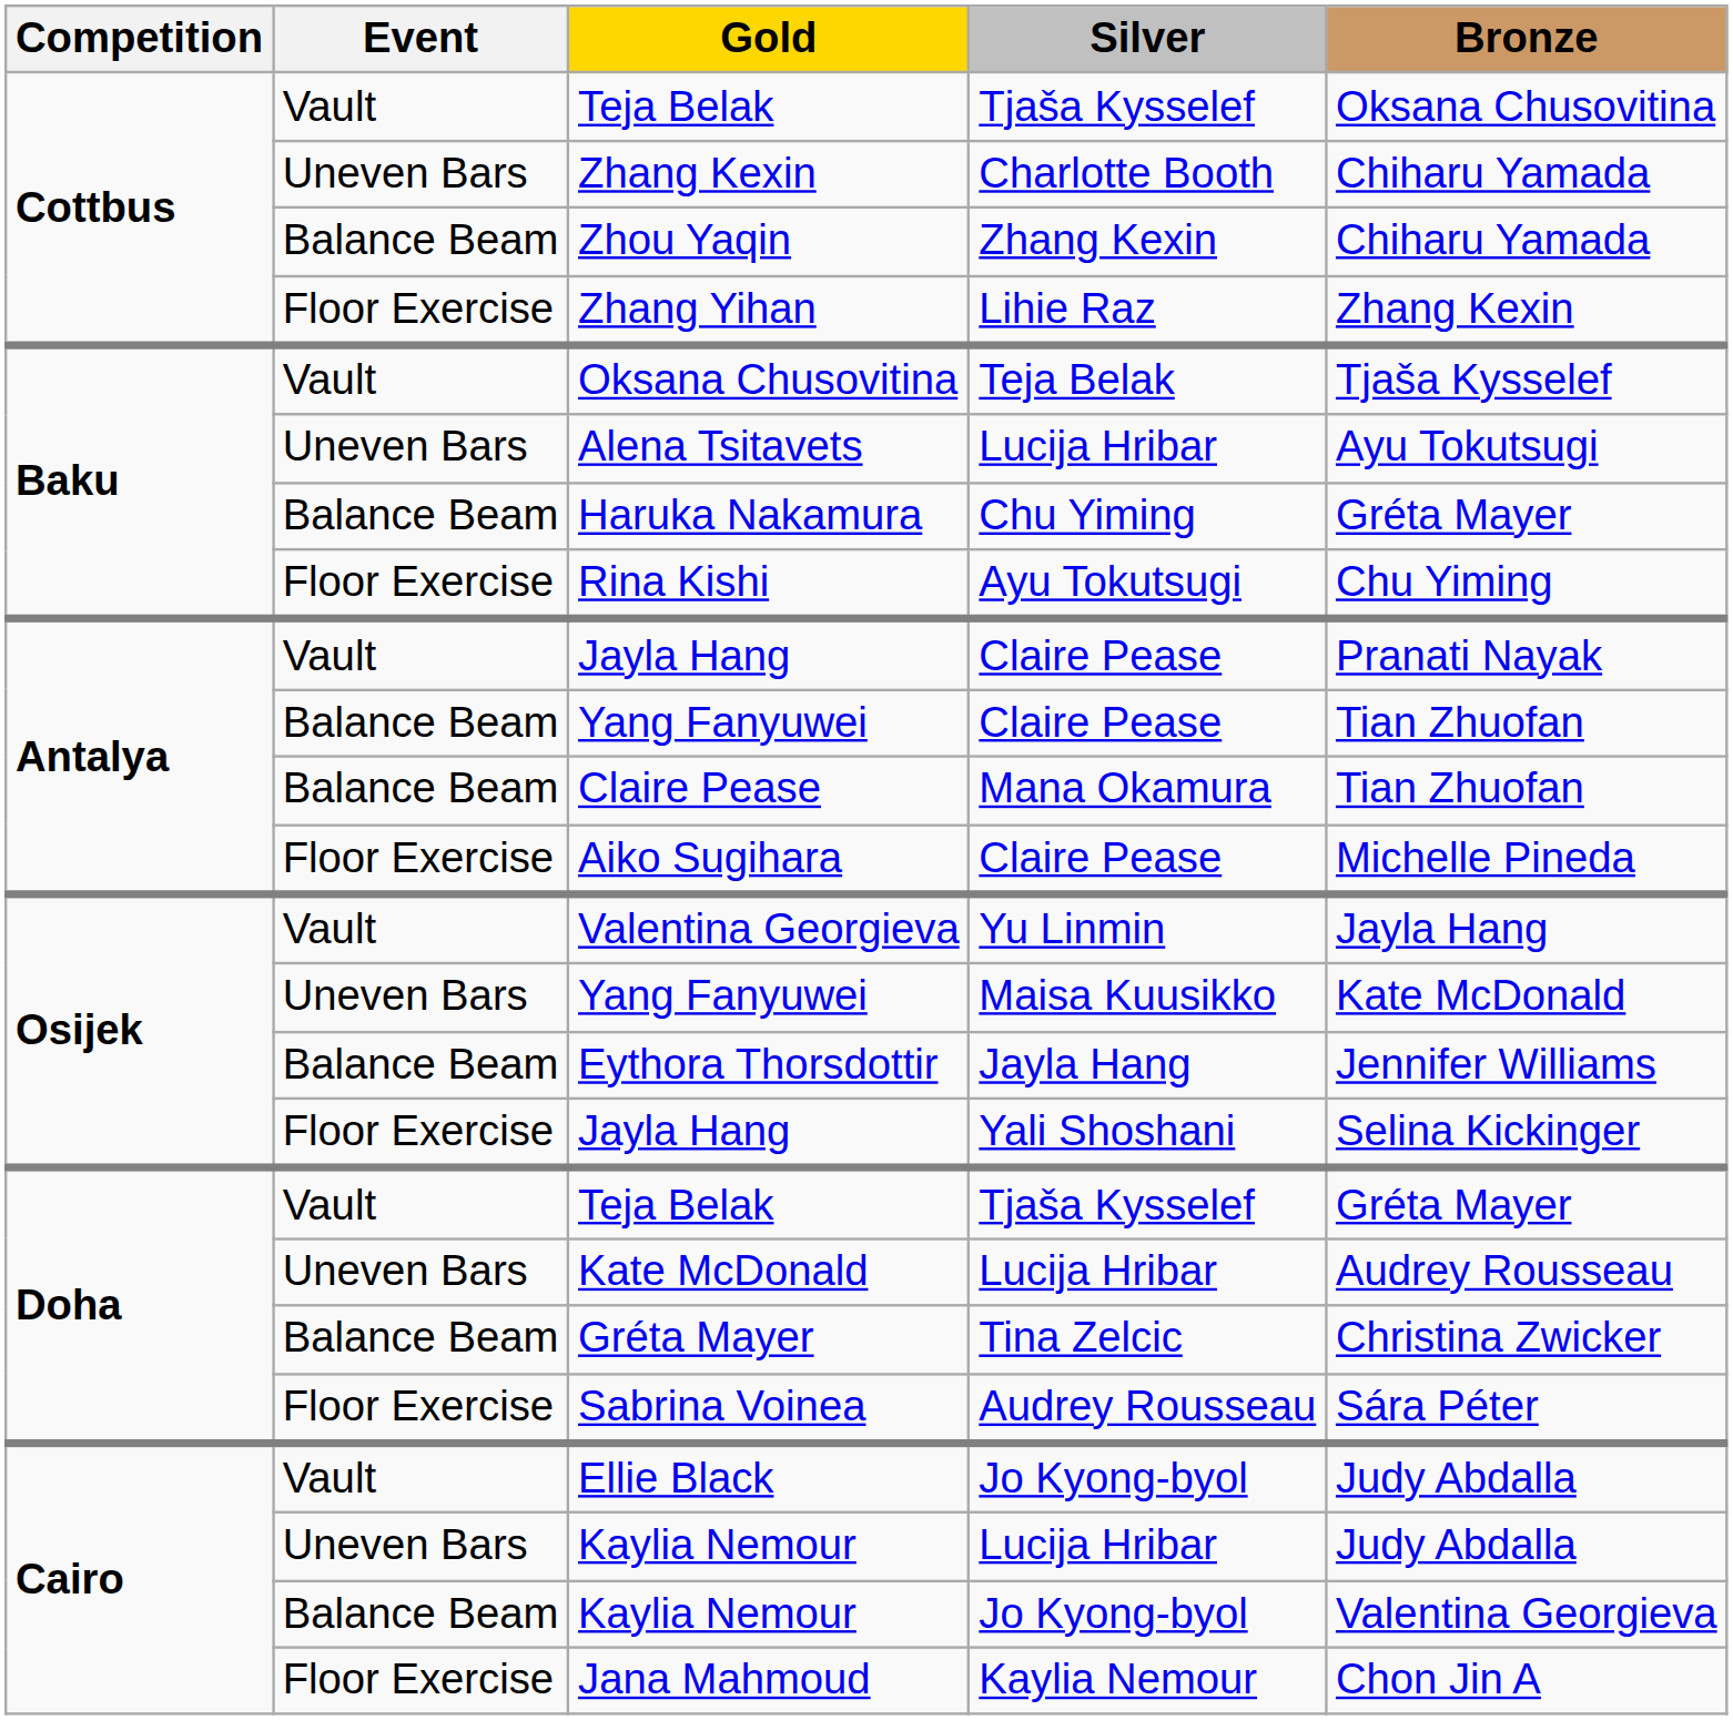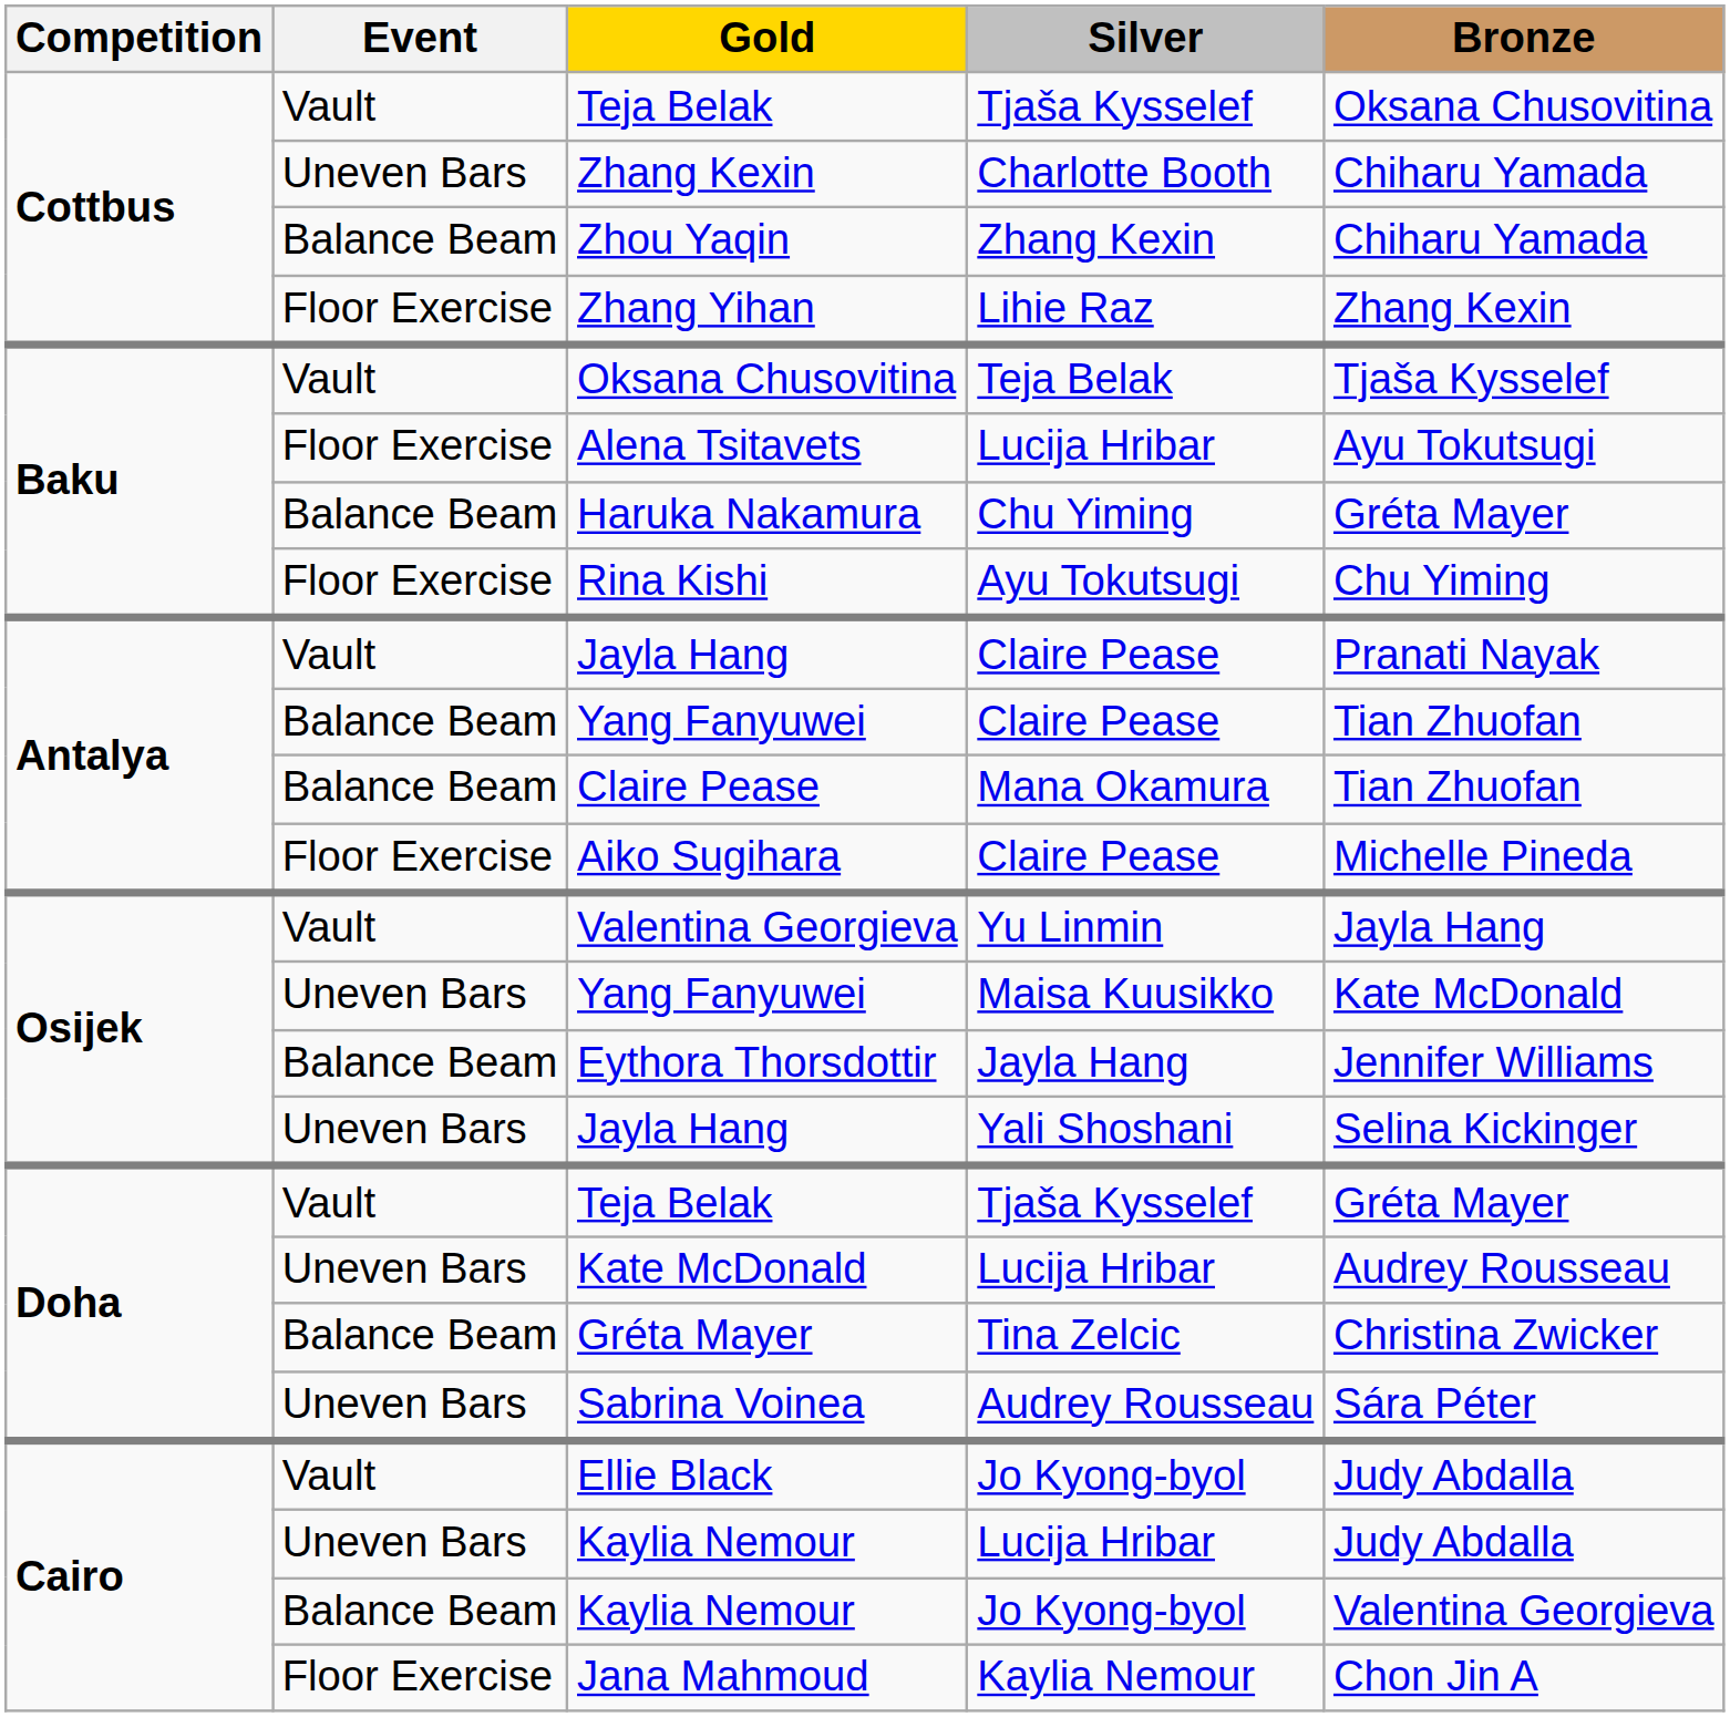 <table class="wikitable">
 <tr>
 <th style="text-align:center;">Competition</th>
 <th style="text-align:center;">Event</th>
 <td style="text-align:center; background:gold;"><strong>Gold</strong></td>
 <td style="text-align:center; background:silver;"><strong>Silver</strong></td>
 <td style="text-align:center; background:#c96;"><strong>Bronze</strong></td>
 </tr>
 <tr>
 <td rowspan=4><strong>Cottbus</strong></td>
 <td>Vault</td>
 <td> <a href='#'>Teja Belak</a></td>
 <td> <a href='#'>Tjaša Kysselef</a></td>
 <td> <a href='#'>Oksana Chusovitina</a></td>
 </tr>
 <tr>
 <td>Uneven Bars</td>
 <td> <a href='#'>Zhang Kexin</a></td>
 <td> <a href='#'>Charlotte Booth</a></td>
 <td> <a href='#'>Chiharu Yamada</a></td>
 </tr>
 <tr>
 <td>Balance Beam</td>
 <td> <a href='#'>Zhou Yaqin</a></td>
 <td> <a href='#'>Zhang Kexin</a></td>
 <td> <a href='#'>Chiharu Yamada</a></td>
 </tr>
 <tr>
 <td>Floor Exercise</td>
 <td> <a href='#'>Zhang Yihan</a></td>
 <td> <a href='#'>Lihie Raz</a></td>
 <td> <a href='#'>Zhang Kexin</a></td>
 </tr>
 <tr style="border-top: 3px solid grey;">
 <td rowspan=4><strong>Baku</strong></td>
 <td>Vault</td>
 <td> <a href='#'>Oksana Chusovitina</a></td>
 <td> <a href='#'>Teja Belak</a></td>
 <td> <a href='#'>Tjaša Kysselef</a></td>
 </tr>
 <tr>
-<td>Uneven Bars</td>
+<td>Floor Exercise</td>
 <td> <a href='#'>Alena Tsitavets</a></td>
 <td> <a href='#'>Lucija Hribar</a></td>
 <td> <a href='#'>Ayu Tokutsugi</a></td>
 </tr>
 <tr>
 <td>Balance Beam</td>
 <td> <a href='#'>Haruka Nakamura</a></td>
 <td> <a href='#'>Chu Yiming</a></td>
 <td> <a href='#'>Gréta Mayer</a></td>
 </tr>
 <tr>
 <td>Floor Exercise</td>
 <td> <a href='#'>Rina Kishi</a></td>
 <td> <a href='#'>Ayu Tokutsugi</a></td>
 <td> <a href='#'>Chu Yiming</a></td>
 </tr>
 <tr style="border-top: 3px solid grey;">
 <td rowspan=4><strong>Antalya</strong></td>
 <td>Vault</td>
 <td> <a href='#'>Jayla Hang</a></td>
 <td> <a href='#'>Claire Pease</a></td>
 <td> <a href='#'>Pranati Nayak</a></td>
 </tr>
 <tr>
 <td>Balance Beam</td>
 <td> <a href='#'>Yang Fanyuwei</a></td>
 <td> <a href='#'>Claire Pease</a></td>
 <td> <a href='#'>Tian Zhuofan</a></td>
 </tr>
 <tr>
 <td>Balance Beam</td>
 <td> <a href='#'>Claire Pease</a></td>
 <td> <a href='#'>Mana Okamura</a></td>
 <td> <a href='#'>Tian Zhuofan</a></td>
 </tr>
 <tr>
 <td>Floor Exercise</td>
 <td> <a href='#'>Aiko Sugihara</a></td>
 <td> <a href='#'>Claire Pease</a></td>
 <td> <a href='#'>Michelle Pineda</a></td>
 </tr>
 <tr style="border-top: 3px solid grey;">
 <td rowspan=4><strong>Osijek</strong></td>
 <td>Vault</td>
 <td> <a href='#'>Valentina Georgieva</a></td>
 <td> <a href='#'>Yu Linmin</a></td>
 <td> <a href='#'>Jayla Hang</a></td>
 </tr>
 <tr>
 <td>Uneven Bars</td>
 <td> <a href='#'>Yang Fanyuwei</a></td>
 <td> <a href='#'>Maisa Kuusikko</a></td>
 <td> <a href='#'>Kate McDonald</a></td>
 </tr>
 <tr>
 <td>Balance Beam</td>
 <td> <a href='#'>Eythora Thorsdottir</a></td>
 <td> <a href='#'>Jayla Hang</a></td>
 <td> <a href='#'>Jennifer Williams</a></td>
 </tr>
 <tr>
-<td>Floor Exercise</td>
+<td>Uneven Bars</td>
 <td> <a href='#'>Jayla Hang</a></td>
 <td> <a href='#'>Yali Shoshani</a></td>
 <td> <a href='#'>Selina Kickinger</a></td>
 </tr>
 <tr style="border-top: 3px solid grey;">
 <td rowspan=4><strong>Doha</strong></td>
 <td>Vault</td>
 <td> <a href='#'>Teja Belak</a></td>
 <td> <a href='#'>Tjaša Kysselef</a></td>
 <td> <a href='#'>Gréta Mayer</a></td>
 </tr>
 <tr>
 <td>Uneven Bars</td>
 <td> <a href='#'>Kate McDonald</a></td>
 <td> <a href='#'>Lucija Hribar</a></td>
 <td> <a href='#'>Audrey Rousseau</a></td>
 </tr>
 <tr>
 <td>Balance Beam</td>
 <td> <a href='#'>Gréta Mayer</a></td>
 <td> <a href='#'>Tina Zelcic</a></td>
 <td> <a href='#'>Christina Zwicker</a></td>
 </tr>
 <tr>
-<td>Floor Exercise</td>
+<td>Uneven Bars</td>
 <td> <a href='#'>Sabrina Voinea</a></td>
 <td> <a href='#'>Audrey Rousseau</a></td>
 <td> <a href='#'>Sára Péter</a></td>
 </tr>
 <tr style="border-top: 3px solid grey;">
 <td rowspan=4><strong>Cairo</strong></td>
 <td>Vault</td>
 <td> <a href='#'>Ellie Black</a></td>
 <td> <a href='#'>Jo Kyong-byol</a></td>
 <td> <a href='#'>Judy Abdalla</a></td>
 </tr>
 <tr>
 <td>Uneven Bars</td>
 <td> <a href='#'>Kaylia Nemour</a></td>
 <td> <a href='#'>Lucija Hribar</a></td>
 <td> <a href='#'>Judy Abdalla</a></td>
 </tr>
 <tr>
 <td>Balance Beam</td>
 <td> <a href='#'>Kaylia Nemour</a></td>
 <td> <a href='#'>Jo Kyong-byol</a></td>
 <td> <a href='#'>Valentina Georgieva</a></td>
 </tr>
 <tr>
 <td>Floor Exercise</td>
 <td> <a href='#'>Jana Mahmoud</a></td>
 <td> <a href='#'>Kaylia Nemour</a></td>
 <td> <a href='#'>Chon Jin A</a></td>
 </tr>
 </table>
